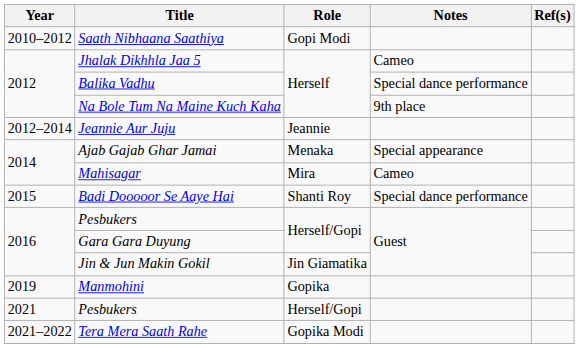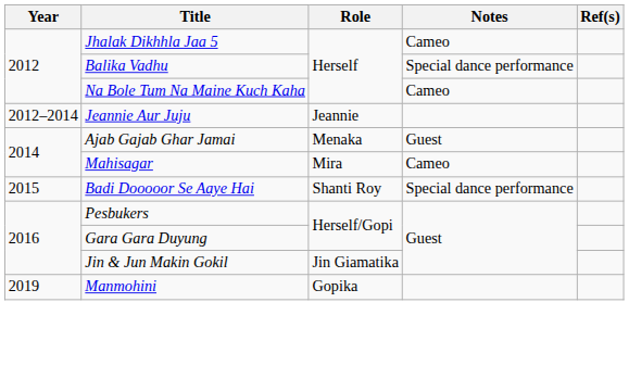 <table class="wikitable">
 <tr>
 <th>Year</th>
 <th>Title</th>
 <th>Role</th>
 <th>Notes</th>
 <th>Ref(s)</th>
-</tr>
-<tr>
-<td>2010–2012</td>
-<td><em><a href='#'>Saath Nibhaana Saathiya</a></em></td>
-<td>Gopi Modi</td>
-<td></td>
-<td></td>
 </tr>
 <tr>
 <td rowspan="3'">2012</td>
 <td><em><a href='#'>Jhalak Dikhhla Jaa 5</a></em></td>
 <td rowspan="3">Herself</td>
 <td>Cameo</td>
 <td></td>
 </tr>
 <tr>
 <td><em><a href='#'>Balika Vadhu</a></em></td>
 <td>Special dance performance</td>
 <td></td>
 </tr>
 <tr>
 <td><em><a href='#'>Na Bole Tum Na Maine Kuch Kaha</a></em></td>
-<td>9th place</td>
+<td>Cameo</td>
 <td></td>
 </tr>
 <tr>
 <td>2012–2014</td>
 <td><em><a href='#'>Jeannie Aur Juju</a></em></td>
 <td>Jeannie</td>
 <td></td>
 <td></td>
 </tr>
 <tr>
 <td rowspan="2">2014</td>
 <td><em>Ajab Gajab Ghar Jamai</em></td>
 <td>Menaka</td>
-<td>Special appearance</td>
+<td>Guest</td>
 <td></td>
 </tr>
 <tr>
 <td><em><a href='#'>Mahisagar</a></em></td>
 <td>Mira</td>
 <td>Cameo</td>
 <td></td>
 </tr>
 <tr>
 <td>2015</td>
 <td><em><a href='#'>Badi Dooooor Se Aaye Hai</a></em></td>
 <td>Shanti Roy</td>
 <td>Special dance performance</td>
 <td></td>
 </tr>
 <tr>
 <td rowspan="3">2016</td>
 <td><em>Pesbukers</em></td>
 <td rowspan="2">Herself/Gopi</td>
 <td rowspan="3">Guest</td>
 <td></td>
 </tr>
 <tr>
 <td><em>Gara Gara Duyung</em></td>
 <td></td>
 </tr>
 <tr>
 <td><em>Jin & Jun Makin Gokil</em></td>
 <td>Jin Giamatika</td>
 <td></td>
 </tr>
 <tr>
 <td>2019</td>
 <td><em><a href='#'>Manmohini</a></em></td>
 <td>Gopika</td>
 <td></td>
 <td></td>
 </tr>
-<tr>
-<td>2021</td>
-<td><em>Pesbukers</em></td>
-<td>Herself/Gopi</td>
-<td></td>
-<td></td>
-</tr>
-<tr>
-<td>2021–2022</td>
-<td><em><a href='#'>Tera Mera Saath Rahe</a></em></td>
-<td>Gopika Modi</td>
-<td></td>
-<td></td>
-</tr>
 </table>
